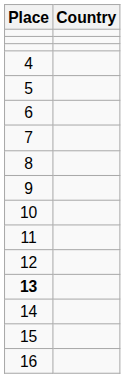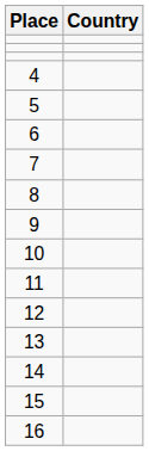 <table class="wikitable" style="font-size:95%;">
 <tr>
 <th>Place</th>
 <th>Country</th>
 </tr>
 <tr>
 <td align=center></td>
 <td></td>
 </tr>
 <tr>
 <td align=center></td>
 <td></td>
 </tr>
 <tr>
 <td align=center></td>
 <td></td>
 </tr>
 <tr>
 <td align=center>4</td>
 <td></td>
 </tr>
 <tr>
 <td align=center>5</td>
 <td></td>
 </tr>
 <tr>
 <td align=center>6</td>
 <td></td>
 </tr>
 <tr>
 <td align=center>7</td>
 <td></td>
 </tr>
 <tr>
 <td align=center>8</td>
 <td></td>
 </tr>
 <tr>
 <td align=center>9</td>
 <td></td>
 </tr>
 <tr>
 <td align=center>10</td>
 <td></td>
 </tr>
 <tr>
 <td align=center>11</td>
 <td></td>
 </tr>
 <tr>
 <td align=center>12</td>
 <td></td>
 </tr>
 <tr>
-<td align=center><strong>13</strong></td>
+<td align=center>13</td>
 <td></td>
 </tr>
 <tr>
 <td align=center>14</td>
 <td></td>
 </tr>
 <tr>
 <td align=center>15</td>
 <td></td>
 </tr>
 <tr>
 <td align=center>16</td>
 <td></td>
 </tr>
 </table>
